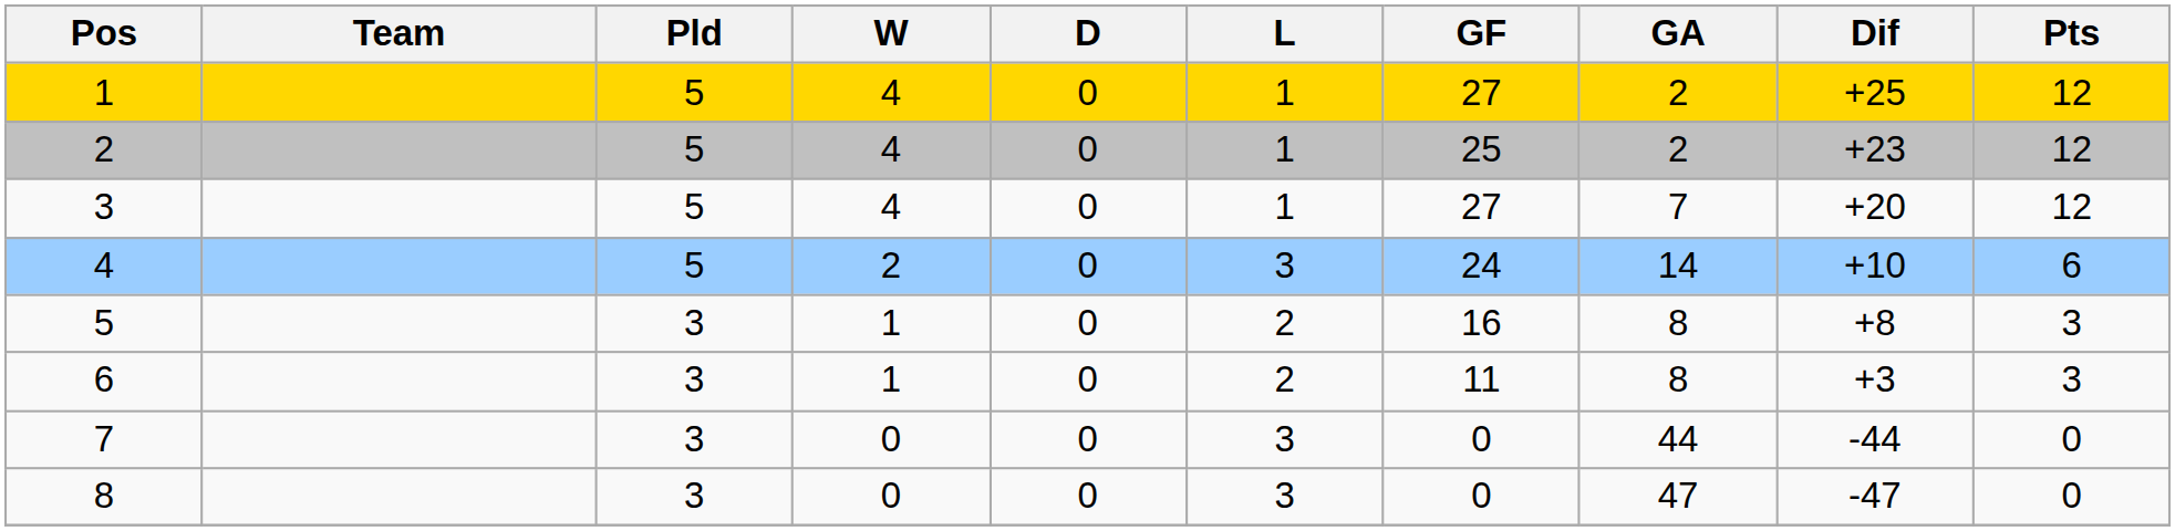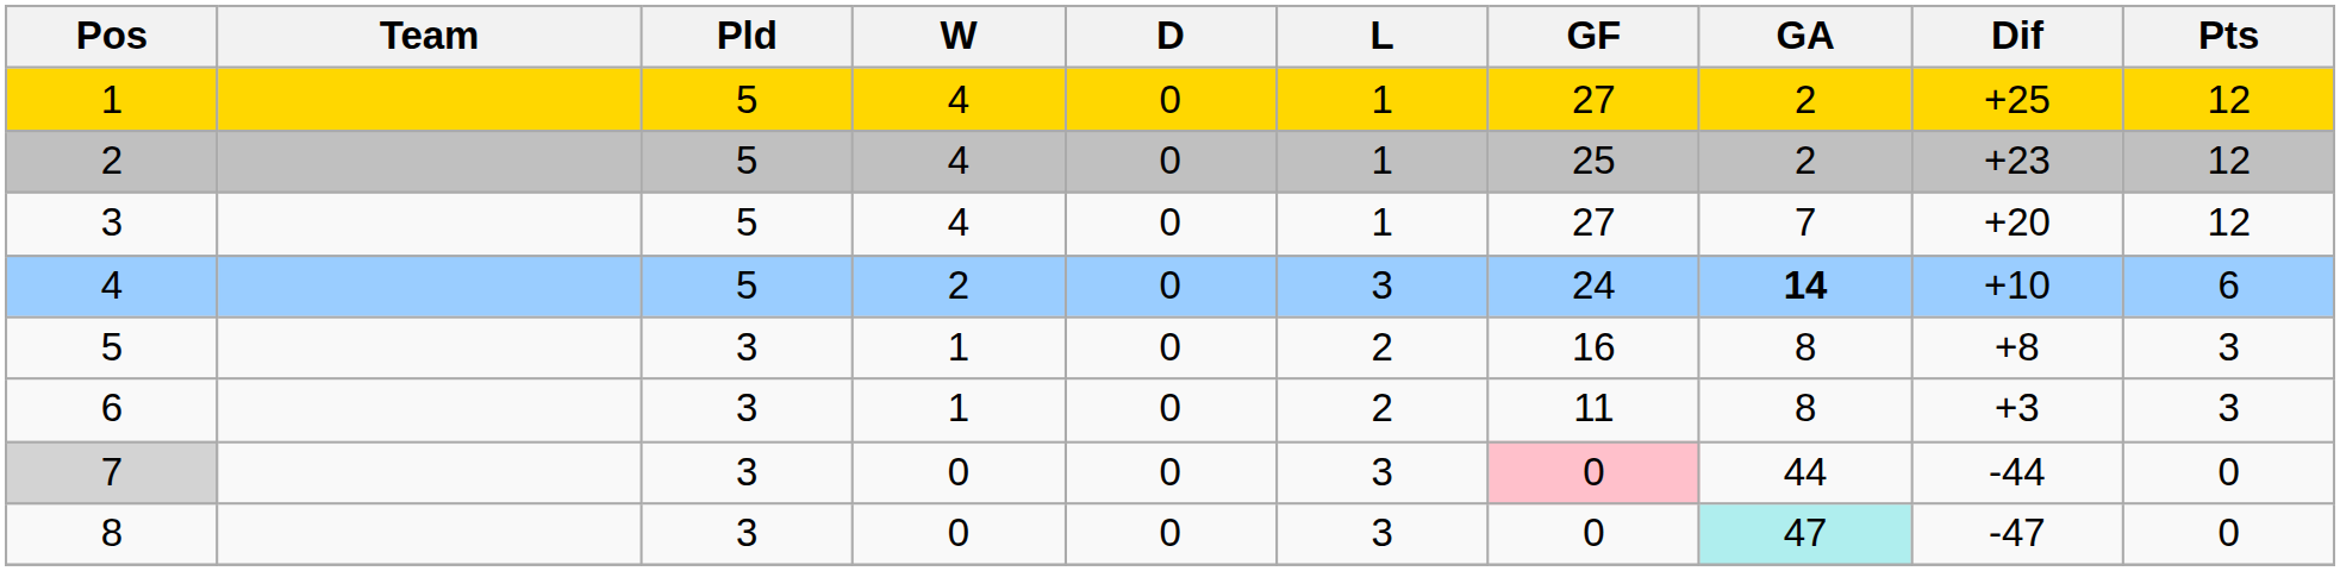 <table class="wikitable sortable" width=60% style="text-align:center">
 <tr>
 <th width=5%>Pos</th>
 <th width=10%>Team</th>
 <th width=5%>Pld</th>
 <th width=5%>W</th>
 <th width=5%>D</th>
 <th width=5%>L</th>
 <th width=5%>GF</th>
 <th width=5%>GA</th>
 <th width=5%>Dif</th>
 <th width=5%>Pts</th>
 </tr>
 <tr bgcolor=gold>
 <td>1</td>
 <td style="text-align:left;"></td>
 <td>5</td>
 <td>4</td>
 <td>0</td>
 <td>1</td>
 <td>27</td>
 <td>2</td>
 <td>+25</td>
 <td>12</td>
 </tr>
 <tr bgcolor="silver">
 <td>2</td>
 <td style="text-align:left;"></td>
 <td>5</td>
 <td>4</td>
 <td>0</td>
 <td>1</td>
 <td>25</td>
 <td>2</td>
 <td>+23</td>
 <td>12</td>
 </tr>
 <tr -bgcolor="#cc9966">
 <td>3</td>
 <td style="text-align:left;"></td>
 <td>5</td>
 <td>4</td>
 <td>0</td>
 <td>1</td>
 <td>27</td>
 <td>7</td>
 <td>+20</td>
 <td>12</td>
 </tr>
 <tr bgcolor=#9acdff>
 <td>4</td>
 <td style="text-align:left;"></td>
 <td>5</td>
 <td>2</td>
 <td>0</td>
 <td>3</td>
 <td>24</td>
-<td>14</td>
+<td><strong>14</strong></td>
 <td>+10</td>
 <td>6</td>
 </tr>
 <tr>
 <td>5</td>
 <td style="text-align:left;"></td>
 <td>3</td>
 <td>1</td>
 <td>0</td>
 <td>2</td>
 <td>16</td>
 <td>8</td>
 <td>+8</td>
 <td>3</td>
 </tr>
 <tr>
 <td>6</td>
 <td style="text-align:left;"></td>
 <td>3</td>
 <td>1</td>
 <td>0</td>
 <td>2</td>
 <td>11</td>
 <td>8</td>
 <td>+3</td>
 <td>3</td>
 </tr>
 <tr>
-<td>7</td>
+<td style="background: lightgrey;">7</td>
 <td style="text-align:left;"></td>
 <td>3</td>
 <td>0</td>
 <td>0</td>
 <td>3</td>
-<td>0</td>
+<td style="background: pink;">0</td>
 <td>44</td>
 <td>-44</td>
 <td>0</td>
 </tr>
 <tr>
 <td>8</td>
 <td style="text-align:left;"></td>
 <td>3</td>
 <td>0</td>
 <td>0</td>
 <td>3</td>
 <td>0</td>
-<td>47</td>
+<td style="background: paleturquoise;">47</td>
 <td>-47</td>
 <td>0</td>
 </tr>
 <tr>
 </tr>
 </table>
